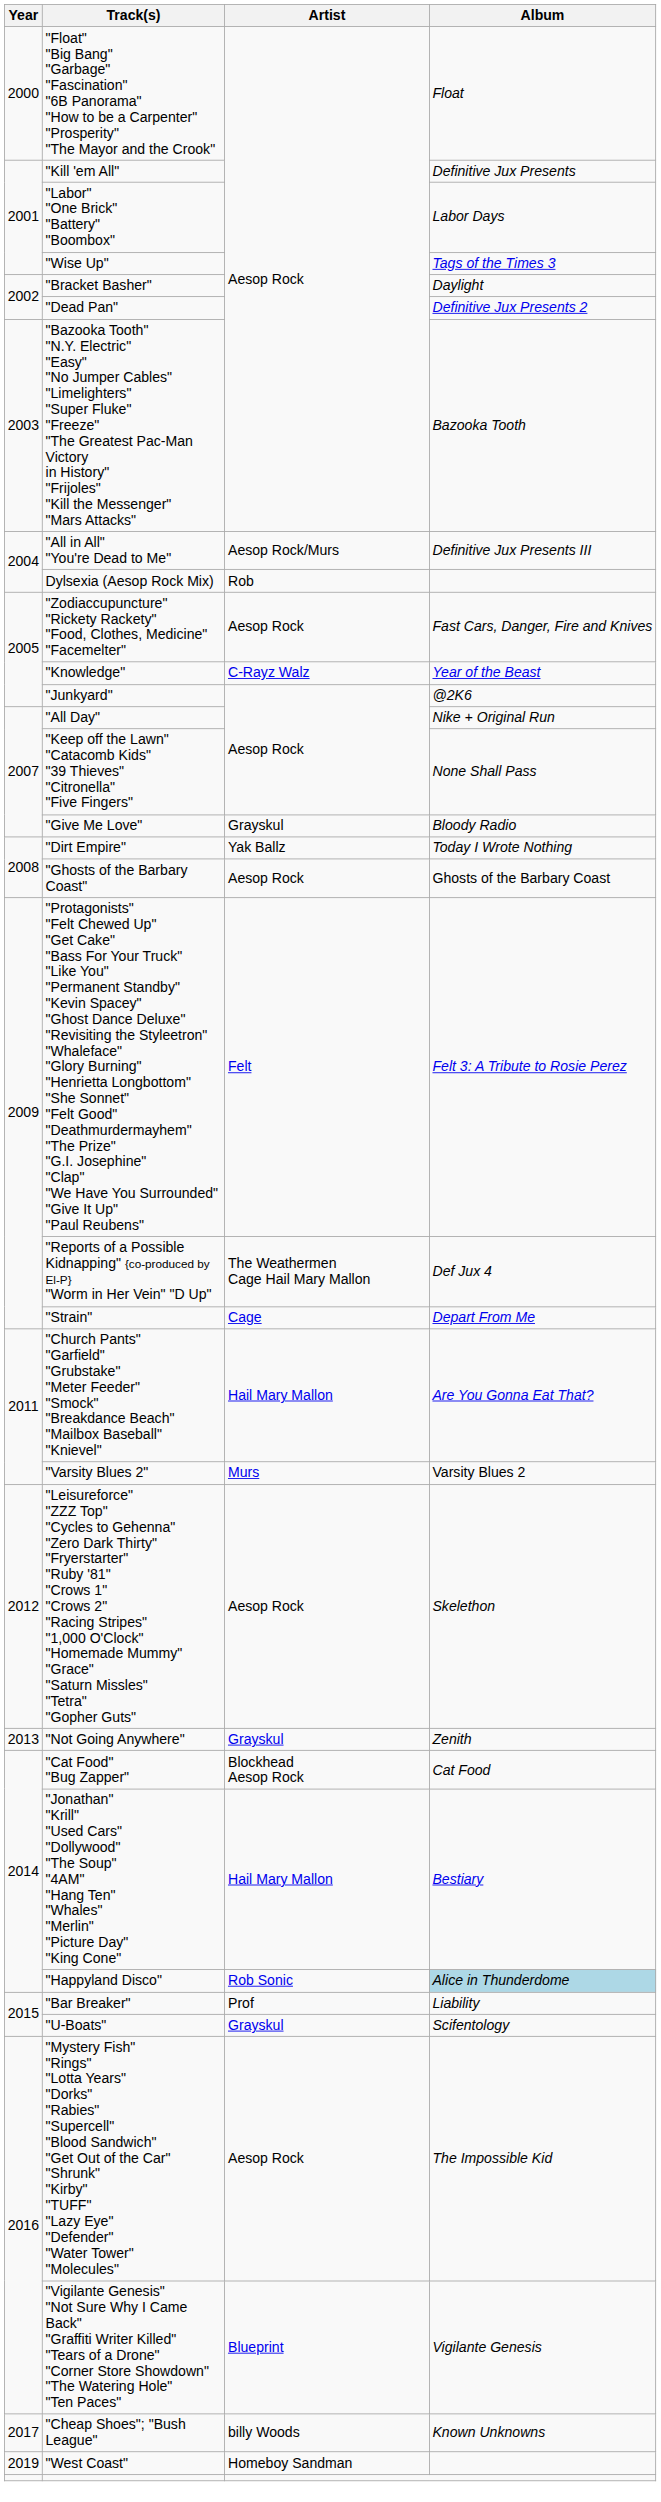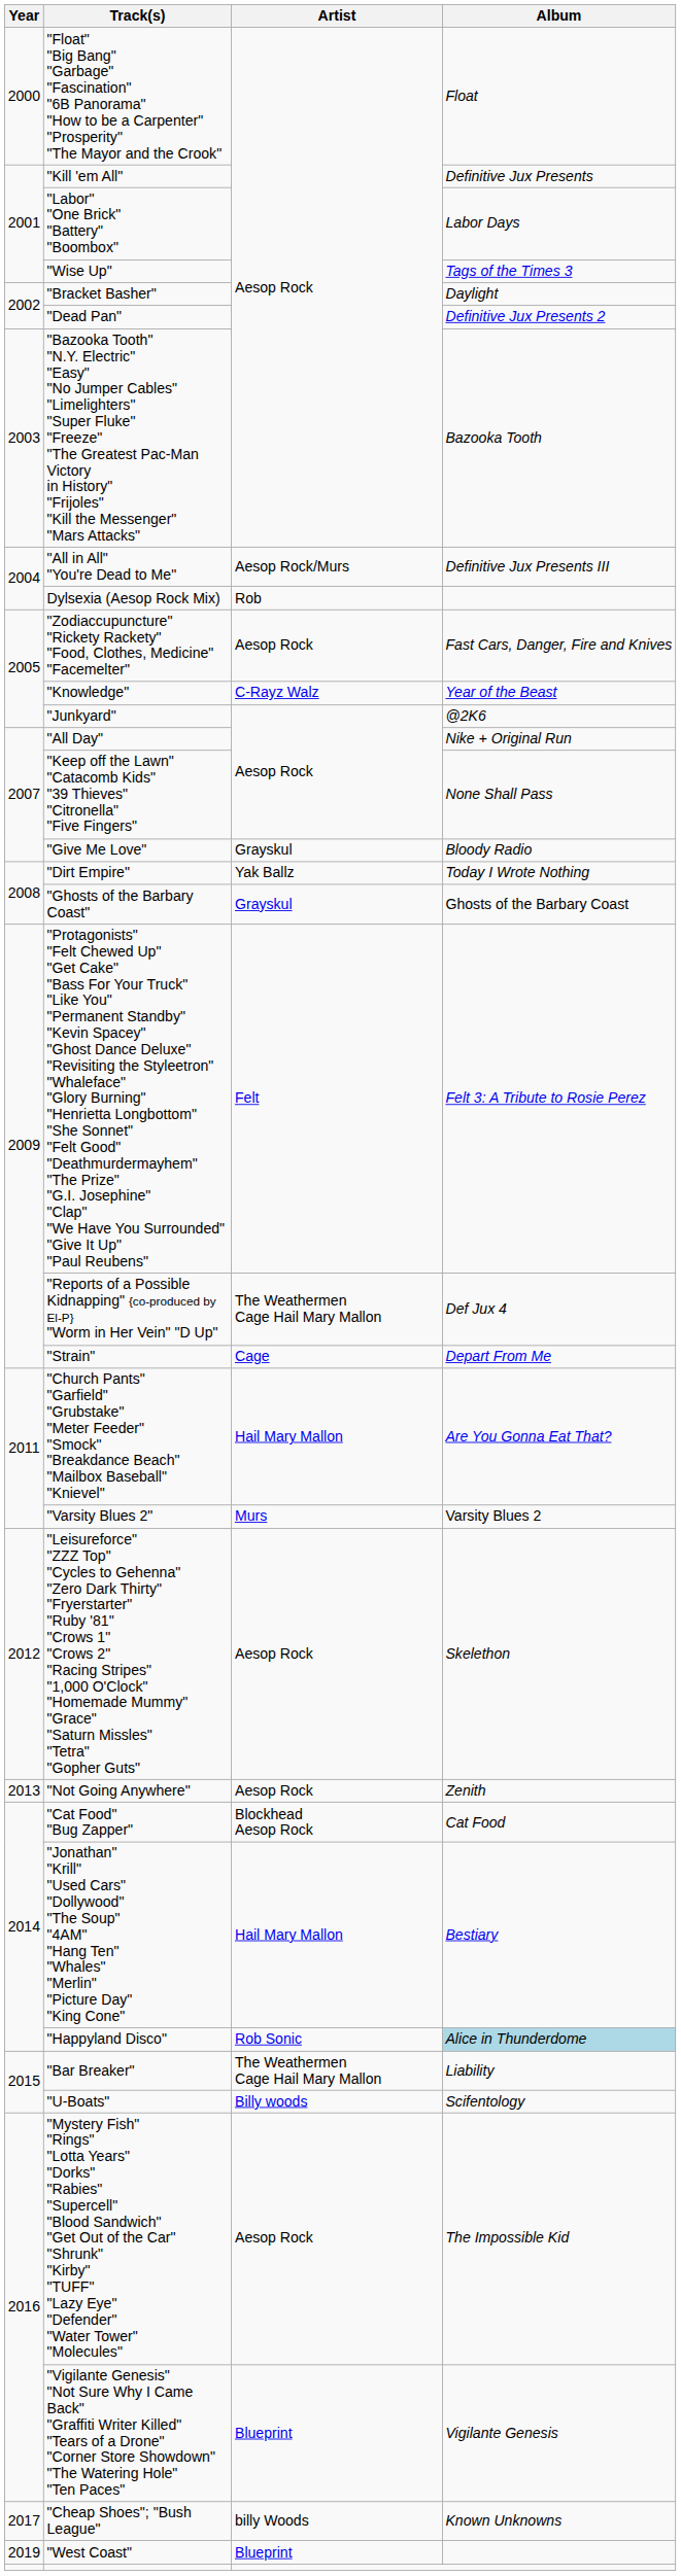 <table class="wikitable">
 <tr>
 <th style="width:33px;">Year</th>
 <th style="width:200px;">Track(s)</th>
 <th style="width:225px;">Artist</th>
 <th style="width:250px;">Album</th>
 </tr>
 <tr>
 <td style="text-align:center;">2000</td>
 <td>"Float"<br>"Big Bang"<br>"Garbage"<br>"Fascination"<br>"6B Panorama"<br>"How to be a Carpenter"<br>"Prosperity"<br>"The Mayor and the Crook"</td>
 <td rowspan="7">Aesop Rock</td>
 <td><em>Float</em></td>
 </tr>
 <tr>
 <td style="text-align:center;" rowspan="3">2001</td>
 <td>"Kill 'em All"</td>
 <td><em>Definitive Jux Presents</em></td>
 </tr>
 <tr>
 <td>"Labor"<br>"One Brick"<br>"Battery"<br>"Boombox"</td>
 <td><em>Labor Days</em></td>
 </tr>
 <tr>
 <td>"Wise Up"</td>
 <td><em><a href='#'>Tags of the Times 3</a></em></td>
 </tr>
 <tr>
 <td style="text-align:center;" rowspan="2">2002</td>
 <td>"Bracket Basher"</td>
 <td><em>Daylight</em></td>
 </tr>
 <tr>
 <td>"Dead Pan"</td>
 <td><em><a href='#'>Definitive Jux Presents 2</a></em></td>
 </tr>
 <tr>
 <td style="text-align:center;">2003</td>
 <td>"Bazooka Tooth"<br>"N.Y. Electric"<br>"Easy"<br>"No Jumper Cables"<br>"Limelighters"<br>"Super Fluke"<br>"Freeze"<br>"The Greatest Pac-Man Victory<br>in History"<br>"Frijoles"<br>"Kill the Messenger"<br>"Mars Attacks"</td>
 <td><em>Bazooka Tooth</em></td>
 </tr>
 <tr>
 <td rowspan="2" style="text-align:center;">2004</td>
 <td>"All in All"<br>"You're Dead to Me"</td>
 <td>Aesop Rock/Murs</td>
 <td><em>Definitive Jux Presents III</em></td>
 </tr>
 <tr>
 <td>Dylsexia (Aesop Rock Mix)</td>
 <td>Rob</td>
 <td></td>
 </tr>
 <tr>
 <td rowspan="3" style="text-align:center;">2005</td>
 <td>"Zodiaccupuncture"<br>"Rickety Rackety"<br>"Food, Clothes, Medicine"<br>"Facemelter"</td>
 <td>Aesop Rock</td>
 <td><em>Fast Cars, Danger, Fire and Knives</em></td>
 </tr>
 <tr>
 <td>"Knowledge"</td>
 <td><a href='#'>C-Rayz Walz</a></td>
 <td><em><a href='#'>Year of the Beast</a></em></td>
 </tr>
 <tr>
 <td>"Junkyard"</td>
 <td rowspan="3">Aesop Rock</td>
 <td><em>@2K6</em></td>
 </tr>
 <tr>
 <td rowspan="3" style="text-align:center;">2007</td>
 <td>"All Day"</td>
 <td><em>Nike + Original Run</em></td>
 </tr>
 <tr>
 <td>"Keep off the Lawn"<br>"Catacomb Kids"<br>"39 Thieves"<br>"Citronella"<br>"Five Fingers"</td>
 <td><em>None Shall Pass</em></td>
 </tr>
 <tr>
 <td>"Give Me Love"</td>
 <td>Grayskul</td>
 <td><em>Bloody Radio</em></td>
 </tr>
 <tr>
 <td rowspan="2">2008</td>
 <td>"Dirt Empire"</td>
 <td>Yak Ballz</td>
 <td><em>Today I Wrote Nothing</em></td>
 </tr>
 <tr>
 <td>"Ghosts of the Barbary Coast"</td>
-<td>Aesop Rock</td>
+<td><a href='#'>Grayskul</a></td>
 <td>Ghosts of the Barbary Coast</td>
 </tr>
 <tr>
 <td rowspan="3" style="text-align:center;">2009</td>
 <td>"Protagonists"<br>"Felt Chewed Up"<br>"Get Cake"<br>"Bass For Your Truck"<br>"Like You"<br>"Permanent Standby"<br>"Kevin Spacey"<br>"Ghost Dance Deluxe"<br>"Revisiting the Styleetron"<br>"Whaleface"<br>"Glory Burning"<br>"Henrietta Longbottom"<br>"She Sonnet"<br>"Felt Good"<br>"Deathmurdermayhem"<br>"The Prize"<br>"G.I. Josephine"<br>"Clap"<br>"We Have You Surrounded"<br>"Give It Up"<br>"Paul Reubens"</td>
 <td><a href='#'>Felt</a></td>
 <td><em><a href='#'>Felt 3: A Tribute to Rosie Perez</a></em></td>
 </tr>
 <tr>
 <td>"Reports of a Possible Kidnapping" <small>{co-produced by El-P}</small><br>"Worm in Her Vein" "D Up"</td>
 <td>The Weathermen<br>Cage Hail Mary Mallon</td>
 <td><em>Def Jux 4</em></td>
 </tr>
 <tr>
 <td>"Strain"</td>
 <td><a href='#'>Cage</a></td>
 <td><em><a href='#'>Depart From Me</a></em></td>
 </tr>
 <tr>
 <td style="text-align:center;" rowspan="2">2011</td>
 <td>"Church Pants"<br>"Garfield"<br>"Grubstake"<br>"Meter Feeder"<br>"Smock"<br>"Breakdance Beach"<br>"Mailbox Baseball"<br>"Knievel"</td>
 <td><a href='#'>Hail Mary Mallon</a></td>
 <td><em><a href='#'>Are You Gonna Eat That?</a></em></td>
 </tr>
 <tr>
 <td>"Varsity Blues 2"</td>
 <td><a href='#'>Murs</a></td>
 <td>Varsity Blues 2</td>
 </tr>
 <tr>
 <td style="text-align:center;" rowspan="1">2012</td>
 <td>"Leisureforce"<br>"ZZZ Top"<br>"Cycles to Gehenna"<br>"Zero Dark Thirty"<br>"Fryerstarter"<br>"Ruby '81"<br>"Crows 1"<br>"Crows 2"<br>"Racing Stripes"<br>"1,000 O'Clock"<br>"Homemade Mummy"<br>"Grace"<br>"Saturn Missles"<br>"Tetra"<br>"Gopher Guts"</td>
 <td>Aesop Rock</td>
 <td><em>Skelethon</em></td>
 </tr>
 <tr>
 <td style="text-align:center;" rowspan="1">2013</td>
 <td>"Not Going Anywhere"</td>
-<td><a href='#'>Grayskul</a></td>
+<td>Aesop Rock</td>
 <td><em>Zenith</em></td>
 </tr>
 <tr>
 <td style="text-align:center;" rowspan="3">2014</td>
 <td>"Cat Food"<br>"Bug Zapper"</td>
 <td>Blockhead<br>Aesop Rock</td>
 <td><em>Cat Food</em></td>
 </tr>
 <tr>
 <td>"Jonathan"<br>"Krill"<br>"Used Cars"<br>"Dollywood"<br>"The Soup"<br>"4AM"<br>"Hang Ten"<br>"Whales"<br>"Merlin"<br>"Picture Day"<br>"King Cone"</td>
 <td><a href='#'>Hail Mary Mallon</a></td>
 <td><em><a href='#'>Bestiary</a></em></td>
 </tr>
 <tr>
 <td>"Happyland Disco"</td>
 <td><a href='#'>Rob Sonic</a></td>
 <td style="background: lightblue;"><em>Alice in Thunderdome</em></td>
 </tr>
 <tr>
 <td rowspan="2">2015</td>
 <td>"Bar Breaker"</td>
-<td>Prof</td>
+<td>The Weathermen<br>Cage Hail Mary Mallon</td>
 <td><em>Liability</em></td>
 </tr>
 <tr>
 <td>"U-Boats"</td>
-<td><a href='#'>Grayskul</a></td>
+<td><a href='#'>Billy woods</a></td>
 <td><em>Scifentology</em></td>
 </tr>
 <tr>
 <td style="text-align:center;" rowspan="2">2016</td>
 <td>"Mystery Fish"<br>"Rings"<br>"Lotta Years"<br>"Dorks"<br>"Rabies"<br>"Supercell"<br>"Blood Sandwich"<br>"Get Out of the Car"<br>"Shrunk"<br>"Kirby"<br>"TUFF"<br>"Lazy Eye"<br>"Defender"<br>"Water Tower"<br>"Molecules"</td>
 <td>Aesop Rock</td>
 <td><em>The Impossible Kid</em></td>
 </tr>
 <tr>
 <td>"Vigilante Genesis"<br>"Not Sure Why I Came Back"<br>"Graffiti Writer Killed"<br>"Tears of a Drone"<br>"Corner Store Showdown"<br>"The Watering Hole"<br>"Ten Paces"</td>
 <td><a href='#'>Blueprint</a></td>
 <td><em>Vigilante Genesis</em></td>
 </tr>
 <tr>
 <td>2017</td>
 <td>"Cheap Shoes";  "Bush League"</td>
 <td>billy Woods</td>
 <td><em>Known Unknowns</em></td>
 </tr>
 <tr>
 <td>2019</td>
 <td>"West Coast"</td>
-<td>Homeboy Sandman</td>
+<td><a href='#'>Blueprint</a></td>
 <td></td>
 </tr>
 <tr>
 <td></td>
 <td></td>
 </tr>
 </table>
